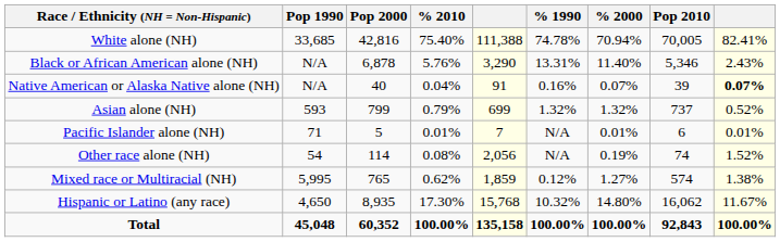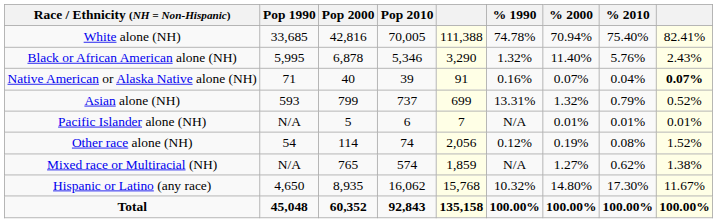 <table class="wikitable" style="text-align:center;">
 <tr>
 <th>Race / Ethnicity <small>(<em>NH = Non-Hispanic</em>)</small></th>
 <th>Pop 1990</th>
 <th>Pop 2000</th>
-<th>% 2010</th>
+<th>Pop 2010</th>
 <th></th>
 <th>% 1990</th>
 <th>% 2000</th>
-<th>Pop 2010</th>
+<th>% 2010</th>
 <th></th>
 </tr>
 <tr>
 <td><a href='#'>White</a> alone (NH)</td>
 <td>33,685</td>
 <td>42,816</td>
-<td>75.40%</td>
+<td>70,005</td>
 <td style='background: #ffffe6;'>111,388</td>
 <td>74.78%</td>
 <td>70.94%</td>
-<td>70,005</td>
+<td>75.40%</td>
 <td style='background: #ffffe6;'>82.41%</td>
 </tr>
 <tr>
 <td><a href='#'>Black or African American</a> alone (NH)</td>
-<td>N/A</td>
+<td>5,995</td>
 <td>6,878</td>
+<td>5,346</td>
+<td style='background: #ffffe6;'>3,290</td>
+<td>1.32%</td>
+<td>11.40%</td>
 <td>5.76%</td>
-<td style='background: #ffffe6;'>3,290</td>
-<td>13.31%</td>
-<td>11.40%</td>
-<td>5,346</td>
 <td style='background: #ffffe6;'>2.43%</td>
 </tr>
 <tr>
 <td><a href='#'>Native American</a> or <a href='#'>Alaska Native</a> alone (NH)</td>
-<td>N/A</td>
+<td>71</td>
 <td>40</td>
-<td>0.04%</td>
+<td>39</td>
 <td style='background: #ffffe6;'>91</td>
 <td>0.16%</td>
 <td>0.07%</td>
-<td>39</td>
+<td>0.04%</td>
 <td style='background: #ffffe6;'><strong>0.07%</strong></td>
 </tr>
 <tr>
 <td><a href='#'>Asian</a> alone (NH)</td>
 <td>593</td>
 <td>799</td>
+<td>737</td>
+<td style='background: #ffffe6;'>699</td>
+<td>13.31%</td>
+<td>1.32%</td>
 <td>0.79%</td>
-<td style='background: #ffffe6;'>699</td>
-<td>1.32%</td>
-<td>1.32%</td>
-<td>737</td>
 <td style='background: #ffffe6;'>0.52%</td>
 </tr>
 <tr>
 <td><a href='#'>Pacific Islander</a> alone (NH)</td>
-<td>71</td>
+<td>N/A</td>
 <td>5</td>
-<td>0.01%</td>
+<td>6</td>
 <td style='background: #ffffe6;'>7</td>
 <td>N/A</td>
 <td>0.01%</td>
-<td>6</td>
+<td>0.01%</td>
 <td style='background: #ffffe6;'>0.01%</td>
 </tr>
 <tr>
 <td><a href='#'>Other race</a> alone (NH)</td>
 <td>54</td>
 <td>114</td>
+<td>74</td>
+<td style='background: #ffffe6;'>2,056</td>
+<td>0.12%</td>
+<td>0.19%</td>
 <td>0.08%</td>
-<td style='background: #ffffe6;'>2,056</td>
-<td>N/A</td>
-<td>0.19%</td>
-<td>74</td>
 <td style='background: #ffffe6;'>1.52%</td>
 </tr>
 <tr>
 <td><a href='#'>Mixed race or Multiracial</a> (NH)</td>
-<td>5,995</td>
+<td>N/A</td>
 <td>765</td>
+<td>574</td>
+<td style='background: #ffffe6;'>1,859</td>
+<td>N/A</td>
+<td>1.27%</td>
 <td>0.62%</td>
-<td style='background: #ffffe6;'>1,859</td>
-<td>0.12%</td>
-<td>1.27%</td>
-<td>574</td>
 <td style='background: #ffffe6;'>1.38%</td>
 </tr>
 <tr>
 <td><a href='#'>Hispanic or Latino</a> (any race)</td>
 <td>4,650</td>
 <td>8,935</td>
-<td>17.30%</td>
+<td>16,062</td>
 <td style='background: #ffffe6;'>15,768</td>
 <td>10.32%</td>
 <td>14.80%</td>
-<td>16,062</td>
+<td>17.30%</td>
 <td style='background: #ffffe6;'>11.67%</td>
 </tr>
 <tr>
 <td><strong>Total</strong></td>
 <td><strong>45,048</strong></td>
 <td><strong>60,352</strong></td>
-<td><strong>100.00%</strong></td>
+<td><strong>92,843</strong></td>
 <td style='background: #ffffe6;'><strong>135,158</strong></td>
 <td><strong>100.00%</strong></td>
 <td><strong>100.00%</strong></td>
-<td><strong>92,843</strong></td>
+<td><strong>100.00%</strong></td>
 <td style='background: #ffffe6;'><strong>100.00%</strong></td>
 </tr>
 </table>
